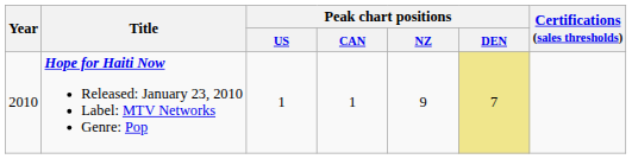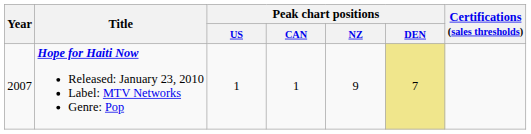 <table class="wikitable">
 <tr>
 <th rowspan="2">Year</th>
 <th rowspan="2">Title</th>
 <th colspan="4">Peak chart positions</th>
 <th rowspan="2"><a href='#'>Certifications</a><br><small>(<a href='#'>sales thresholds</a>)</small></th>
 </tr>
 <tr>
 <th style="width:70px;"><small><a href='#'>US</a></small></th>
 <th style="width:70px;"><small><a href='#'>CAN</a></small></th>
 <th style="width:70px;"><small><a href='#'>NZ</a></small></th>
 <th style="width:70px;"><small><a href='#'>DEN</a></small></th>
 </tr>
 <tr>
-<td>2010</td>
+<td>2007</td>
 <td><strong><em><a href='#'>Hope for Haiti Now</a></em></strong><br><ul><li>Released: January 23, 2010</li><li>Label: <a href='#'>MTV Networks</a></li><li>Genre: <a href='#'>Pop</a></li></ul></td>
 <td style="text-align:center;">1</td>
 <td style="text-align:center;">1</td>
 <td style="text-align:center;">9</td>
 <td style="background: khaki; text-align:center;">7</td>
 <td align="left"></td>
 </tr>
 </table>
